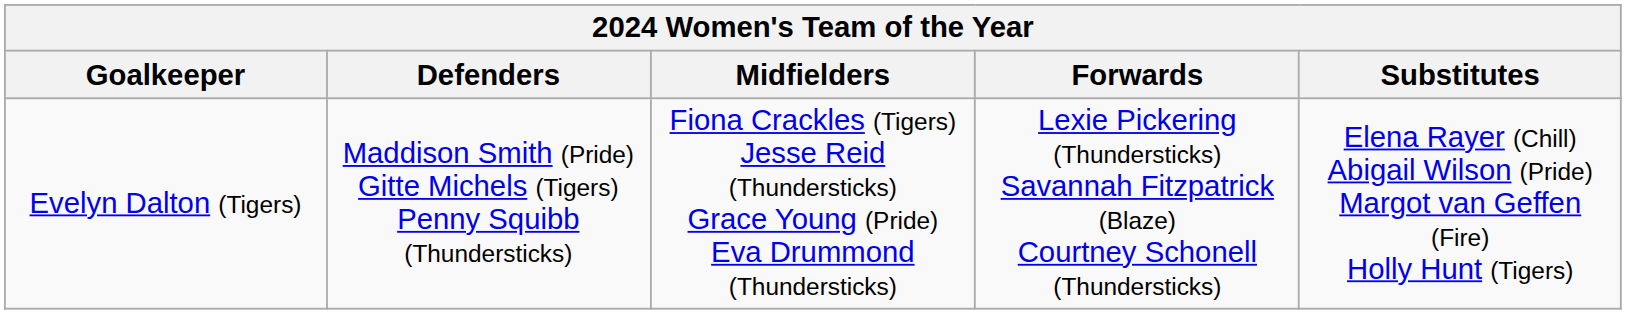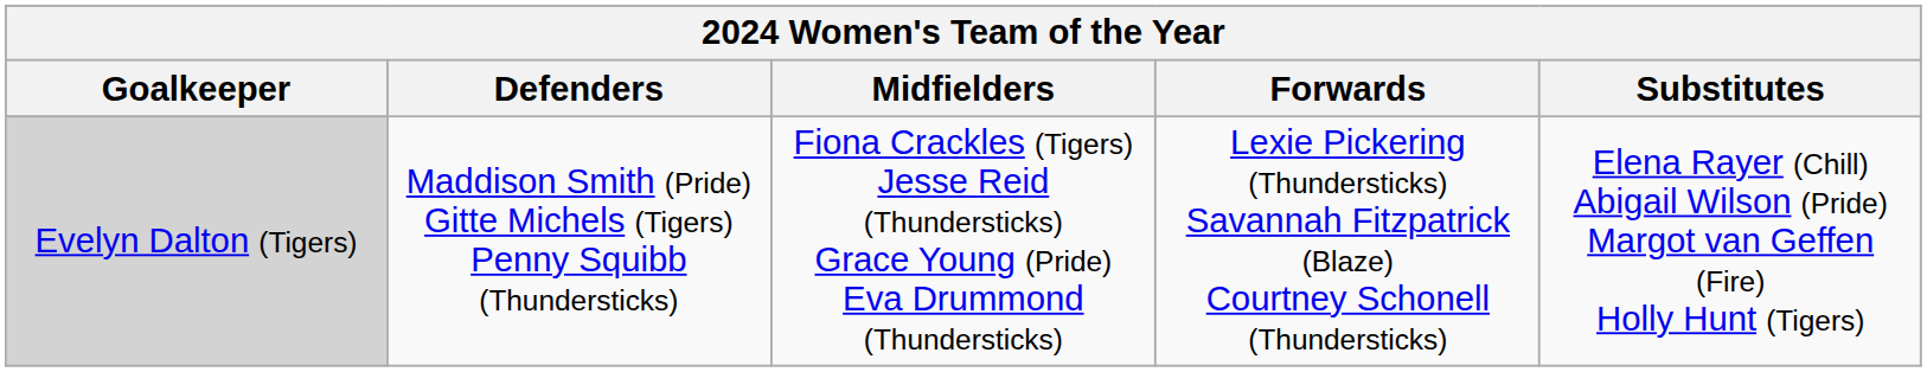 <table class=wikitable style="margin:auto; text-align:center">
 <tr>
 <th colspan=5><strong>2024 Women's Team of the Year</strong></th>
 </tr>
 <tr>
 <th style="width: 220px;">Goalkeeper</th>
 <th style="width: 220px;">Defenders</th>
 <th style="width: 220px;">Midfielders</th>
 <th style="width: 220px;">Forwards</th>
 <th style="width: 220px;">Substitutes</th>
 </tr>
 <tr>
-<td><a href='#'>Evelyn Dalton</a> <small>(Tigers)</small></td>
+<td style="background: lightgrey;"><a href='#'>Evelyn Dalton</a> <small>(Tigers)</small></td>
 <td><a href='#'>Maddison Smith</a> <small>(Pride)</small><br><a href='#'>Gitte Michels</a> <small>(Tigers)</small><br><a href='#'>Penny Squibb</a> <small>(Thundersticks)</small></td>
 <td><a href='#'>Fiona Crackles</a> <small>(Tigers)</small><br><a href='#'>Jesse Reid</a> <small>(Thundersticks)</small><br><a href='#'>Grace Young</a> <small>(Pride)</small><br><a href='#'>Eva Drummond</a> <small>(Thundersticks)</small></td>
 <td><a href='#'>Lexie Pickering</a> <small>(Thundersticks)</small><br><a href='#'>Savannah Fitzpatrick</a> <small>(Blaze)</small><br><a href='#'>Courtney Schonell</a> <small>(Thundersticks)</small></td>
 <td><a href='#'>Elena Rayer</a> <small>(Chill)</small><br><a href='#'>Abigail Wilson</a> <small>(Pride)</small><br><a href='#'>Margot van Geffen</a> <small>(Fire)</small><br><a href='#'>Holly Hunt</a> <small>(Tigers)</small></td>
 </tr>
 </table>
